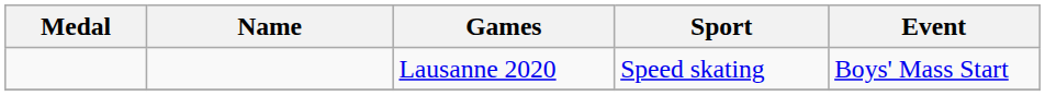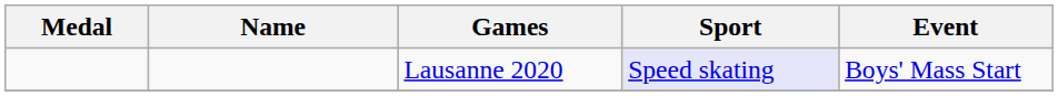 <table class="wikitable sortable" style="font-size: 95%;">
 <tr>
 <th style="width:6em">Medal</th>
 <th style="width:12em">Name</th>
 <th style="width:10em">Games</th>
 <th style="width:10em">Sport</th>
 <th style="width:10em">Event</th>
 </tr>
 <tr>
 <td></td>
 <td></td>
 <td> <a href='#'>Lausanne 2020</a></td>
-<td> <a href='#'>Speed skating</a></td>
+<td style="background: lavender;"> <a href='#'>Speed skating</a></td>
 <td><a href='#'>Boys' Mass Start</a></td>
 </tr>
 <tr>
 </tr>
 </table>
